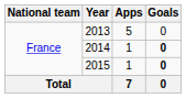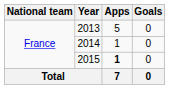 <table class=wikitable style=text-align:center>
 <tr>
 <th>National team</th>
 <th>Year</th>
 <th>Apps</th>
 <th>Goals</th>
 </tr>
 <tr>
 <td rowspan=3><a href='#'>France</a></td>
 <td>2013</td>
 <td>5</td>
 <td>0</td>
 </tr>
 <tr>
 <td>2014</td>
 <td>1</td>
-<td><strong>0</strong></td>
+<td>0</td>
 </tr>
 <tr>
 <td>2015</td>
-<td>1</td>
-<td><strong>0</strong></td>
+<td><strong>1</strong></td>
+<td>0</td>
 </tr>
 <tr>
 <th colspan=2>Total</th>
 <th>7</th>
 <th>0</th>
 </tr>
 </table>
